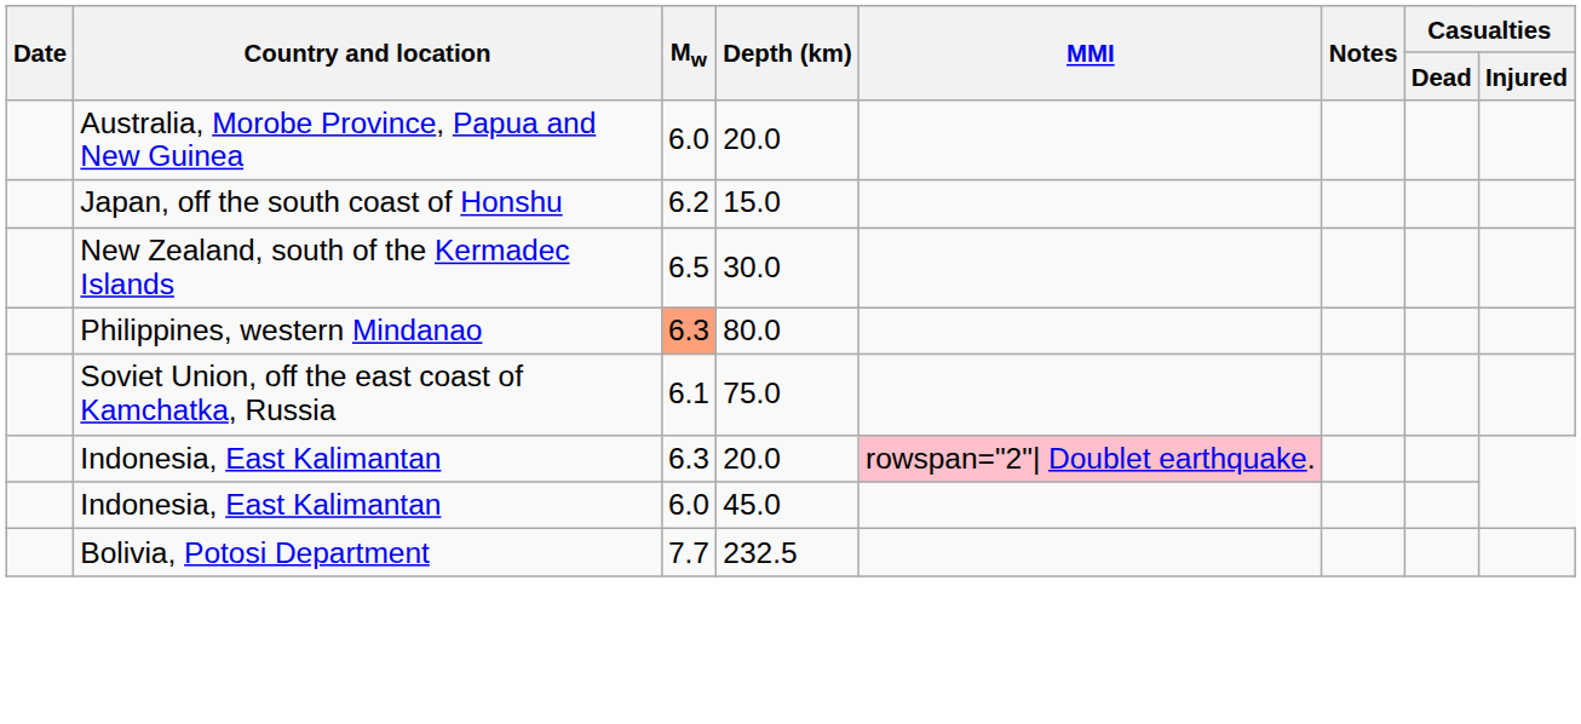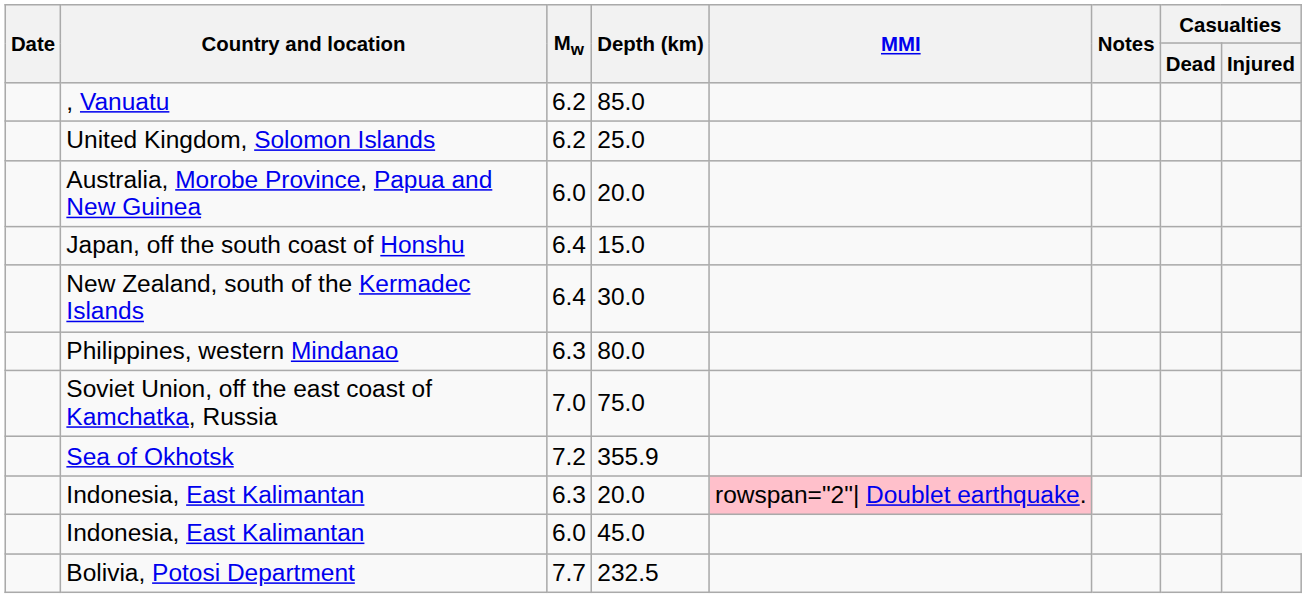 <table class="wikitable sortable sort-under" style="border:1px black; margin-left:1em;">
 <tr>
 <th rowspan="2"><small>Date</small></th>
 <th rowspan="2" style="width: 310px"><small>Country and location</small></th>
 <th rowspan="2"><small>M<sub>w</sub></small></th>
 <th rowspan="2"><small>Depth (km)</small></th>
 <th rowspan="2"><small><a href='#'>MMI</a></small></th>
 <th rowspan="2" class="unsortable"><small>Notes</small></th>
 <th colspan="2"><small>Casualties</small></th>
 </tr>
 <tr>
 <th><small>Dead</small></th>
 <th><small>Injured</small></th>
 </tr>
 <tr>
 <td></td>
+<td>, <a href='#'>Vanuatu</a></td>
+<td>6.2</td>
+<td>85.0</td>
+<td></td>
+<td></td>
+<td></td>
+<td></td>
+</tr>
+<tr>
+<td></td>
+<td>United Kingdom, <a href='#'>Solomon Islands</a></td>
+<td>6.2</td>
+<td>25.0</td>
+<td></td>
+<td></td>
+<td></td>
+<td></td>
+</tr>
+<tr>
+<td></td>
 <td>Australia, <a href='#'>Morobe Province</a>, <a href='#'>Papua and New Guinea</a></td>
 <td>6.0</td>
 <td>20.0</td>
 <td></td>
 <td></td>
 <td></td>
 <td></td>
 </tr>
 <tr>
 <td></td>
 <td>Japan, off the south coast of <a href='#'>Honshu</a></td>
-<td>6.2</td>
+<td>6.4</td>
 <td>15.0</td>
 <td></td>
 <td></td>
 <td></td>
 <td></td>
 </tr>
 <tr>
 <td></td>
 <td>New Zealand, south of the <a href='#'>Kermadec Islands</a></td>
-<td>6.5</td>
+<td>6.4</td>
 <td>30.0</td>
 <td></td>
 <td></td>
 <td></td>
 <td></td>
 </tr>
 <tr>
 <td></td>
 <td>Philippines, western <a href='#'>Mindanao</a></td>
-<td style="background: lightsalmon;">6.3</td>
+<td>6.3</td>
 <td>80.0</td>
 <td></td>
 <td></td>
 <td></td>
 <td></td>
 </tr>
 <tr>
 <td></td>
 <td>Soviet Union, off the east coast of <a href='#'>Kamchatka</a>, Russia</td>
-<td>6.1</td>
+<td>7.0</td>
 <td>75.0</td>
+<td></td>
+<td></td>
+<td></td>
+<td></td>
+</tr>
+<tr>
+<td></td>
+<td><a href='#'>Sea of Okhotsk</a></td>
+<td>7.2</td>
+<td>355.9</td>
 <td></td>
 <td></td>
 <td></td>
 <td></td>
 </tr>
 <tr>
 <td></td>
 <td>Indonesia, <a href='#'>East Kalimantan</a></td>
 <td>6.3</td>
 <td>20.0</td>
 <td style="background: pink;">rowspan="2"| <a href='#'>Doublet earthquake</a>.</td>
 <td></td>
 <td></td>
 </tr>
 <tr>
 <td></td>
 <td>Indonesia, <a href='#'>East Kalimantan</a></td>
 <td>6.0</td>
 <td>45.0</td>
 <td></td>
 <td></td>
 <td></td>
 </tr>
 <tr>
 <td></td>
 <td>Bolivia, <a href='#'>Potosi Department</a></td>
 <td>7.7</td>
 <td>232.5</td>
 <td></td>
 <td></td>
 <td></td>
 <td></td>
 </tr>
 </table>
